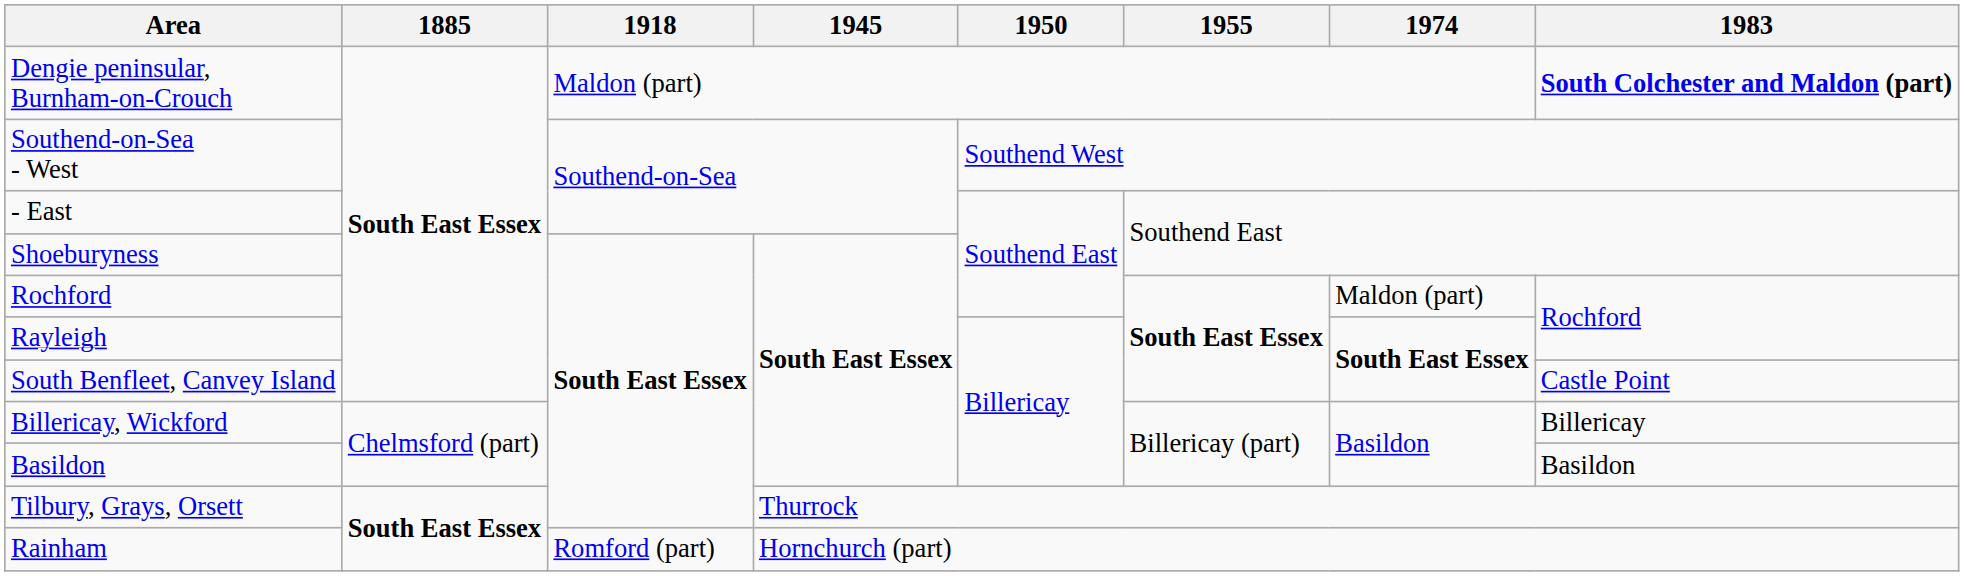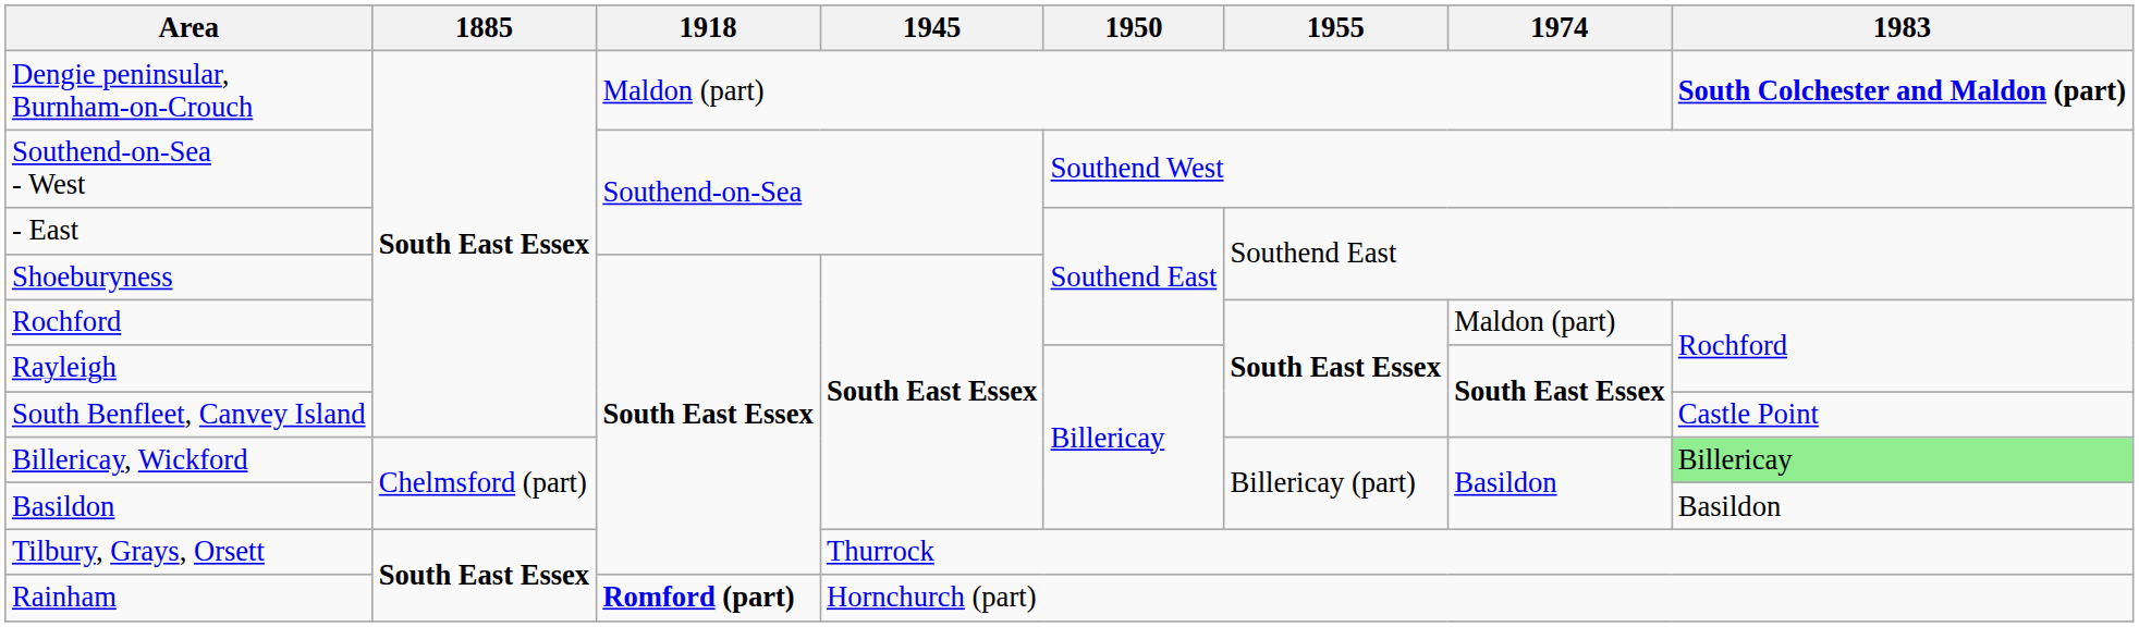 <table class="wikitable">
 <tr>
 <th>Area</th>
 <th>1885</th>
 <th>1918</th>
 <th>1945</th>
 <th>1950</th>
 <th>1955</th>
 <th>1974</th>
 <th>1983</th>
 </tr>
 <tr>
 <td><a href='#'>Dengie peninsular</a>,<br><a href='#'>Burnham-on-Crouch</a></td>
 <td rowspan="7"><strong>South East Essex</strong></td>
 <td colspan="5"><a href='#'>Maldon</a> (part)</td>
 <td><strong><a href='#'>South Colchester and Maldon</a> (part)</strong></td>
 </tr>
 <tr>
 <td><a href='#'>Southend-on-Sea</a><br>- West</td>
 <td colspan="2" rowspan="2"><a href='#'>Southend-on-Sea</a></td>
 <td colspan="4"><a href='#'>Southend West</a></td>
 </tr>
 <tr>
 <td>- East</td>
 <td rowspan="3"><a href='#'>Southend East</a></td>
 <td colspan="3" rowspan="2">Southend East</td>
 </tr>
 <tr>
 <td><a href='#'>Shoeburyness</a></td>
 <td rowspan="7"><strong>South East Essex</strong><br></td>
 <td rowspan="6"><strong>South East Essex</strong></td>
 </tr>
 <tr>
 <td><a href='#'>Rochford</a></td>
 <td rowspan="3"><strong>South East Essex</strong></td>
 <td>Maldon (part)</td>
 <td rowspan="2"><a href='#'>Rochford</a></td>
 </tr>
 <tr>
 <td><a href='#'>Rayleigh</a></td>
 <td rowspan="4"><a href='#'>Billericay</a></td>
 <td rowspan="2"><strong>South East Essex</strong></td>
 </tr>
 <tr>
 <td><a href='#'>South Benfleet</a>, <a href='#'>Canvey Island</a></td>
 <td><a href='#'>Castle Point</a></td>
 </tr>
 <tr>
 <td><a href='#'>Billericay</a>, <a href='#'>Wickford</a></td>
 <td rowspan="2"><a href='#'>Chelmsford</a> (part)</td>
 <td rowspan="2">Billericay (part)</td>
 <td rowspan="2"><a href='#'>Basildon</a></td>
-<td>Billericay</td>
+<td style="background: lightgreen;">Billericay</td>
 </tr>
 <tr>
 <td><a href='#'>Basildon</a></td>
 <td>Basildon</td>
 </tr>
 <tr>
 <td><a href='#'>Tilbury</a>, <a href='#'>Grays</a>, <a href='#'>Orsett</a></td>
 <td rowspan="2"><strong>South East Essex</strong></td>
 <td colspan="5"><a href='#'>Thurrock</a></td>
 </tr>
 <tr>
 <td><a href='#'>Rainham</a></td>
-<td><a href='#'>Romford</a> (part)</td>
+<td><strong><a href='#'>Romford</a> (part)</strong></td>
 <td colspan="5"><a href='#'>Hornchurch</a> (part)</td>
 </tr>
 </table>
